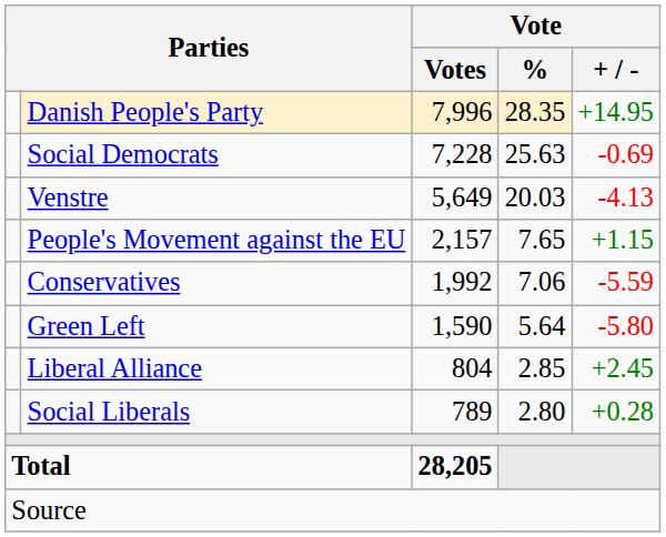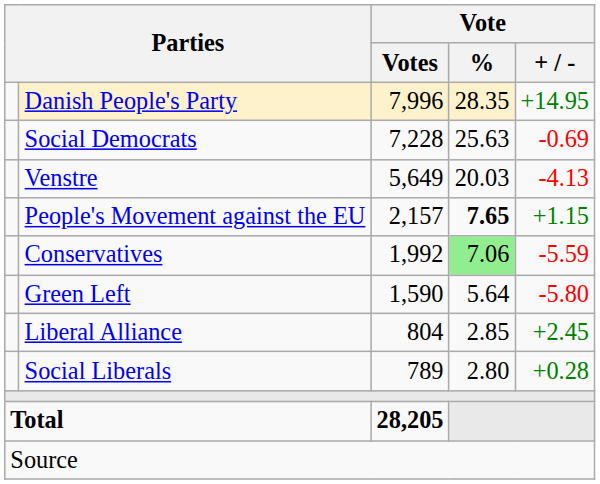 <table class="wikitable" style="text-align:right;">
 <tr>
 <th style="text-align:centre;" rowspan="2" colspan="2" width="225">Parties</th>
 <th colspan="3">Vote</th>
 </tr>
 <tr>
 <th width="15">Votes</th>
 <th width="15">%</th>
 <th width="15">+ / -</th>
 </tr>
 <tr>
 <td width="2" style="color:inherit;background:"></td>
 <td bgcolor=#fef2cc   align="left"><a href='#'>Danish People's Party</a></td>
 <td bgcolor=#fef2cc>7,996</td>
 <td bgcolor=#fef2cc>28.35</td>
 <td style=color:green;>+14.95</td>
 </tr>
 <tr>
 <td width="2" style="color:inherit;background:"></td>
 <td align="left"><a href='#'>Social Democrats</a></td>
 <td>7,228</td>
 <td>25.63</td>
 <td style=color:red;>-0.69</td>
 </tr>
 <tr>
 <td width="2" style="color:inherit;background:"></td>
 <td align="left"><a href='#'>Venstre</a></td>
 <td>5,649</td>
 <td>20.03</td>
 <td style=color:red;>-4.13</td>
 </tr>
 <tr>
 <td width="2" style="color:inherit;background:"></td>
 <td align="left"><a href='#'>People's Movement against the EU</a></td>
 <td>2,157</td>
-<td>7.65</td>
+<td><strong>7.65</strong></td>
 <td style=color:green;>+1.15</td>
 </tr>
 <tr>
 <td width="2" style="color:inherit;background:"></td>
 <td align="left"><a href='#'>Conservatives</a></td>
 <td>1,992</td>
-<td>7.06</td>
+<td style="background: lightgreen;">7.06</td>
 <td style=color:red;>-5.59</td>
 </tr>
 <tr>
 <td width="2" style="color:inherit;background:"></td>
 <td align="left"><a href='#'>Green Left</a></td>
 <td>1,590</td>
 <td>5.64</td>
 <td style=color:red;>-5.80</td>
 </tr>
 <tr>
 <td width="2" style="color:inherit;background:"></td>
 <td align="left"><a href='#'>Liberal Alliance</a></td>
 <td>804</td>
 <td>2.85</td>
 <td style=color:green;>+2.45</td>
 </tr>
 <tr>
 <td width="2" style="color:inherit;background:"></td>
 <td align="left"><a href='#'>Social Liberals</a></td>
 <td>789</td>
 <td>2.80</td>
 <td style=color:green;>+0.28</td>
 </tr>
 <tr>
 <td colspan="7" bgcolor="#E9E9E9"></td>
 </tr>
 <tr>
 <td align="left" colspan="2"><strong>Total</strong></td>
 <td><strong>28,205</strong></td>
 <td bgcolor="#E9E9E9" colspan="2"></td>
 </tr>
 <tr>
 <td align="left" colspan="6">Source</td>
 </tr>
 </table>
